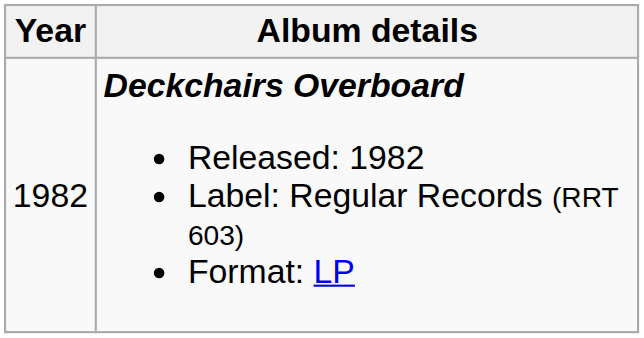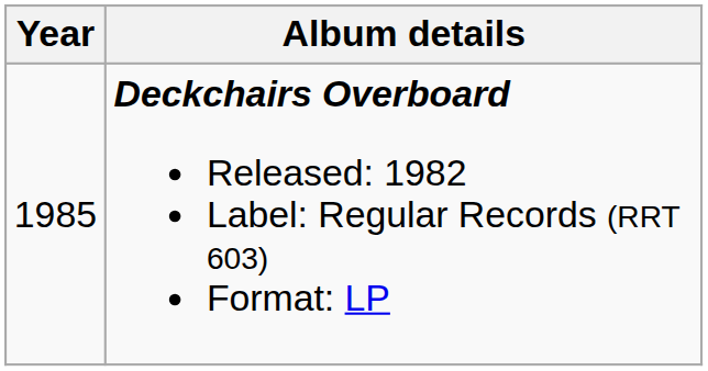 <table class="wikitable" border="1">
 <tr>
 <th rowspan="1" width="35px">Year</th>
 <th rowspan="1" width="250px">Album details</th>
 </tr>
 <tr>
-<td>1982</td>
+<td>1985</td>
 <td><strong><em>Deckchairs Overboard</em></strong><br><ul><li>Released: 1982</li><li>Label:  Regular Records <small>(RRT 603)</small></li><li>Format: <a href='#'>LP</a></li></ul></td>
 </tr>
 </table>
